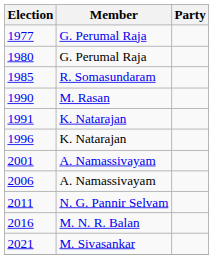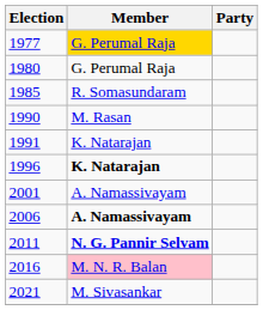 <table class="wikitable">
 <tr>
 <th>Election</th>
 <th>Member</th>
 <th colspan="2">Party</th>
 </tr>
 <tr>
 <td><a href='#'>1977</a></td>
-<td><a href='#'>G. Perumal Raja</a></td>
+<td style="background: gold;"><a href='#'>G. Perumal Raja</a></td>
 <td></td>
 </tr>
 <tr>
 <td><a href='#'>1980</a></td>
 <td>G. Perumal Raja</td>
 <td></td>
 </tr>
 <tr>
 <td><a href='#'>1985</a></td>
 <td><a href='#'>R. Somasundaram</a></td>
 <td></td>
 </tr>
 <tr>
 <td><a href='#'>1990</a></td>
 <td><a href='#'>M. Rasan</a></td>
 <td></td>
 </tr>
 <tr>
 <td><a href='#'>1991</a></td>
 <td><a href='#'>K. Natarajan</a></td>
 <td></td>
 </tr>
 <tr>
 <td><a href='#'>1996</a></td>
-<td>K. Natarajan</td>
+<td><strong>K. Natarajan</strong></td>
 <td></td>
 </tr>
 <tr>
 <td><a href='#'>2001</a></td>
 <td><a href='#'>A. Namassivayam</a></td>
 <td></td>
 </tr>
 <tr>
 <td><a href='#'>2006</a></td>
-<td>A. Namassivayam</td>
+<td><strong>A. Namassivayam</strong></td>
 <td></td>
 </tr>
 <tr>
 <td><a href='#'>2011</a></td>
-<td><a href='#'>N. G. Pannir Selvam</a></td>
+<td><strong><a href='#'>N. G. Pannir Selvam</a></strong></td>
 <td></td>
 </tr>
 <tr>
 <td><a href='#'>2016</a></td>
-<td><a href='#'>M. N. R. Balan</a></td>
+<td style="background: pink;"><a href='#'>M. N. R. Balan</a></td>
 <td></td>
 </tr>
 <tr>
 <td><a href='#'>2021</a></td>
 <td><a href='#'>M. Sivasankar</a></td>
 <td></td>
 </tr>
 <tr>
 </tr>
 </table>
